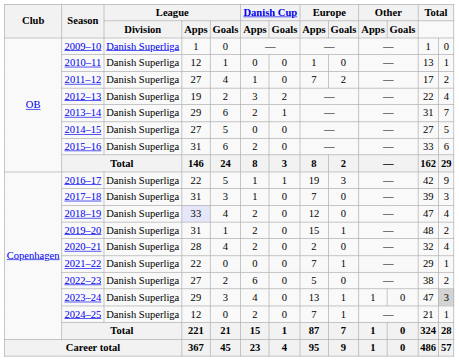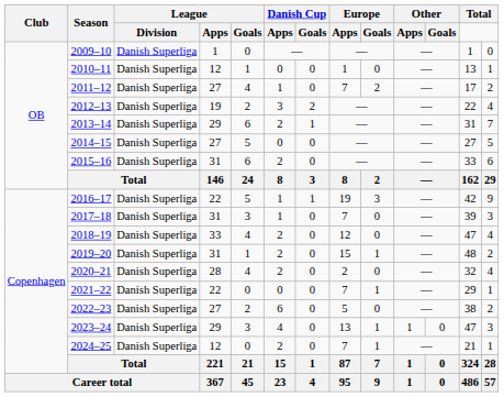 <table class="wikitable" style="text-align:center">
 <tr>
 <th rowspan="2">Club</th>
 <th rowspan="2">Season</th>
 <th colspan="3">League</th>
 <th colspan="2"><a href='#'>Danish Cup</a></th>
 <th colspan="2">Europe</th>
 <th colspan="2">Other</th>
 <th colspan="2">Total</th>
 </tr>
 <tr>
 <th>Division</th>
 <th>Apps</th>
 <th>Goals</th>
 <th>Apps</th>
 <th>Goals</th>
 <th>Apps</th>
 <th>Goals</th>
 <th>Apps</th>
 <th>Goals</th>
 </tr>
 <tr>
 <td rowspan="8"><a href='#'>OB</a></td>
 <td><a href='#'>2009–10</a></td>
 <td><a href='#'>Danish Superliga</a></td>
 <td>1</td>
 <td>0</td>
 <td colspan="2">—</td>
 <td colspan="2">—</td>
 <td colspan="2">—</td>
 <td>1</td>
 <td>0</td>
 </tr>
 <tr>
 <td><a href='#'>2010–11</a></td>
 <td>Danish Superliga</td>
 <td>12</td>
 <td>1</td>
 <td>0</td>
 <td>0</td>
 <td>1</td>
 <td>0</td>
 <td colspan="2">—</td>
 <td>13</td>
 <td>1</td>
 </tr>
 <tr>
 <td><a href='#'>2011–12</a></td>
 <td>Danish Superliga</td>
 <td>27</td>
 <td>4</td>
 <td>1</td>
 <td>0</td>
 <td>7</td>
 <td>2</td>
 <td colspan="2">—</td>
 <td>17</td>
 <td>2</td>
 </tr>
 <tr>
 <td><a href='#'>2012–13</a></td>
 <td>Danish Superliga</td>
 <td>19</td>
 <td>2</td>
 <td>3</td>
 <td>2</td>
 <td colspan="2">—</td>
 <td colspan="2">—</td>
 <td>22</td>
 <td>4</td>
 </tr>
 <tr>
 <td><a href='#'>2013–14</a></td>
 <td>Danish Superliga</td>
 <td>29</td>
 <td>6</td>
 <td>2</td>
 <td>1</td>
 <td colspan="2">—</td>
 <td colspan="2">—</td>
 <td>31</td>
 <td>7</td>
 </tr>
 <tr>
 <td><a href='#'>2014–15</a></td>
 <td>Danish Superliga</td>
 <td>27</td>
 <td>5</td>
 <td>0</td>
 <td>0</td>
 <td colspan="2">—</td>
 <td colspan="2">—</td>
 <td>27</td>
 <td>5</td>
 </tr>
 <tr>
 <td><a href='#'>2015–16</a></td>
 <td>Danish Superliga</td>
 <td>31</td>
 <td>6</td>
 <td>2</td>
 <td>0</td>
 <td colspan="2">—</td>
 <td colspan="2">—</td>
 <td>33</td>
 <td>6</td>
 </tr>
 <tr>
 <th colspan="2">Total</th>
 <th>146</th>
 <th>24</th>
 <th>8</th>
 <th>3</th>
 <th>8</th>
 <th>2</th>
 <th colspan="2">—</th>
 <th>162</th>
 <th>29</th>
 </tr>
 <tr>
 <td rowspan="10"><a href='#'>Copenhagen</a></td>
 <td><a href='#'>2016–17</a></td>
 <td>Danish Superliga</td>
 <td>22</td>
 <td>5</td>
 <td>1</td>
 <td>1</td>
 <td>19</td>
 <td>3</td>
 <td colspan="2">—</td>
 <td>42</td>
 <td>9</td>
 </tr>
 <tr>
 <td><a href='#'>2017–18</a></td>
 <td>Danish Superliga</td>
 <td>31</td>
 <td>3</td>
 <td>1</td>
 <td>0</td>
 <td>7</td>
 <td>0</td>
 <td colspan="2">—</td>
 <td>39</td>
 <td>3</td>
 </tr>
 <tr>
 <td><a href='#'>2018–19</a></td>
 <td>Danish Superliga</td>
-<td style="background: lavender;">33</td>
+<td>33</td>
 <td>4</td>
 <td>2</td>
 <td>0</td>
 <td>12</td>
 <td>0</td>
 <td colspan="2">—</td>
 <td>47</td>
 <td>4</td>
 </tr>
 <tr>
 <td><a href='#'>2019–20</a></td>
 <td>Danish Superliga</td>
 <td>31</td>
 <td>1</td>
 <td>2</td>
 <td>0</td>
 <td>15</td>
 <td>1</td>
 <td colspan="2">—</td>
 <td>48</td>
 <td>2</td>
 </tr>
 <tr>
 <td><a href='#'>2020–21</a></td>
 <td>Danish Superliga</td>
 <td>28</td>
 <td>4</td>
 <td>2</td>
 <td>0</td>
 <td>2</td>
 <td>0</td>
 <td colspan="2">—</td>
 <td>32</td>
 <td>4</td>
 </tr>
 <tr>
 <td><a href='#'>2021–22</a></td>
 <td>Danish Superliga</td>
 <td>22</td>
 <td>0</td>
 <td>0</td>
 <td>0</td>
 <td>7</td>
 <td>1</td>
 <td colspan="2">—</td>
 <td>29</td>
 <td>1</td>
 </tr>
 <tr>
 <td><a href='#'>2022–23</a></td>
 <td>Danish Superliga</td>
 <td>27</td>
 <td>2</td>
 <td>6</td>
 <td>0</td>
 <td>5</td>
 <td>0</td>
 <td colspan="2">—</td>
 <td>38</td>
 <td>2</td>
 </tr>
 <tr>
 <td><a href='#'>2023–24</a></td>
 <td>Danish Superliga</td>
 <td>29</td>
 <td>3</td>
 <td>4</td>
 <td>0</td>
 <td>13</td>
 <td>1</td>
 <td>1</td>
 <td>0</td>
 <td>47</td>
-<td style="background: lightgrey;">3</td>
+<td>3</td>
 </tr>
 <tr>
 <td><a href='#'>2024–25</a></td>
 <td>Danish Superliga</td>
 <td>12</td>
 <td>0</td>
 <td>2</td>
 <td>0</td>
 <td>7</td>
 <td>1</td>
 <td colspan="2">—</td>
 <td>21</td>
 <td>1</td>
 </tr>
 <tr>
 <th colspan="2">Total</th>
 <th>221</th>
 <th>21</th>
 <th>15</th>
 <th>1</th>
 <th>87</th>
 <th>7</th>
 <th>1</th>
 <th>0</th>
 <th>324</th>
 <th>28</th>
 </tr>
 <tr>
 <th colspan="3">Career total</th>
 <th>367</th>
 <th>45</th>
 <th>23</th>
 <th>4</th>
 <th>95</th>
 <th>9</th>
 <th>1</th>
 <th>0</th>
 <th>486</th>
 <th>57</th>
 </tr>
 </table>
